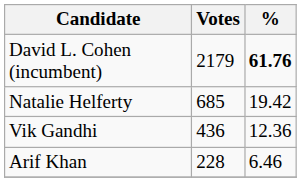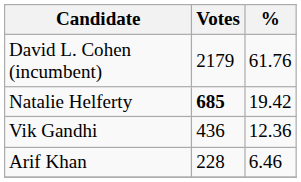 <table class="wikitable">
 <tr>
 <th bgcolor="#DDDDFF" width="150px">Candidate</th>
 <th bgcolor="#DDDDFF">Votes</th>
 <th bgcolor="#DDDDFF">%</th>
 </tr>
 <tr>
 <td>David L. Cohen (incumbent)</td>
 <td>2179</td>
-<td><strong>61.76</strong></td>
+<td>61.76</td>
 </tr>
 <tr>
 <td>Natalie Helferty</td>
-<td>685</td>
+<td><strong>685</strong></td>
 <td>19.42</td>
 </tr>
 <tr>
 <td>Vik Gandhi</td>
 <td>436</td>
 <td>12.36</td>
 </tr>
 <tr>
 <td>Arif Khan</td>
 <td>228</td>
 <td>6.46</td>
 </tr>
 <tr>
 </tr>
 </table>
